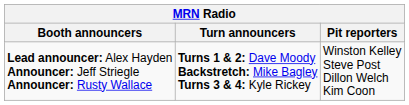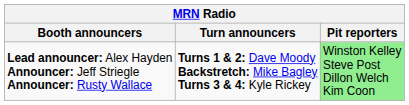 <table class="wikitable" style="font-size: 95%;">
 <tr>
 <th colspan="3"><a href='#'>MRN</a> Radio</th>
 </tr>
 <tr>
 <th>Booth announcers</th>
 <th>Turn announcers</th>
 <th>Pit reporters</th>
 </tr>
 <tr>
 <td><strong>Lead announcer:</strong> Alex Hayden<br><strong>Announcer:</strong> Jeff Striegle<br><strong>Announcer:</strong> <a href='#'>Rusty Wallace</a></td>
 <td><strong>Turns 1 & 2:</strong> <a href='#'>Dave Moody</a><br><strong>Backstretch:</strong> <a href='#'>Mike Bagley</a><br><strong>Turns 3 & 4:</strong> Kyle Rickey</td>
-<td>Winston Kelley<br>Steve Post<br>Dillon Welch<br>Kim Coon</td>
+<td style="background: lightgreen;">Winston Kelley<br>Steve Post<br>Dillon Welch<br>Kim Coon</td>
 </tr>
 </table>
